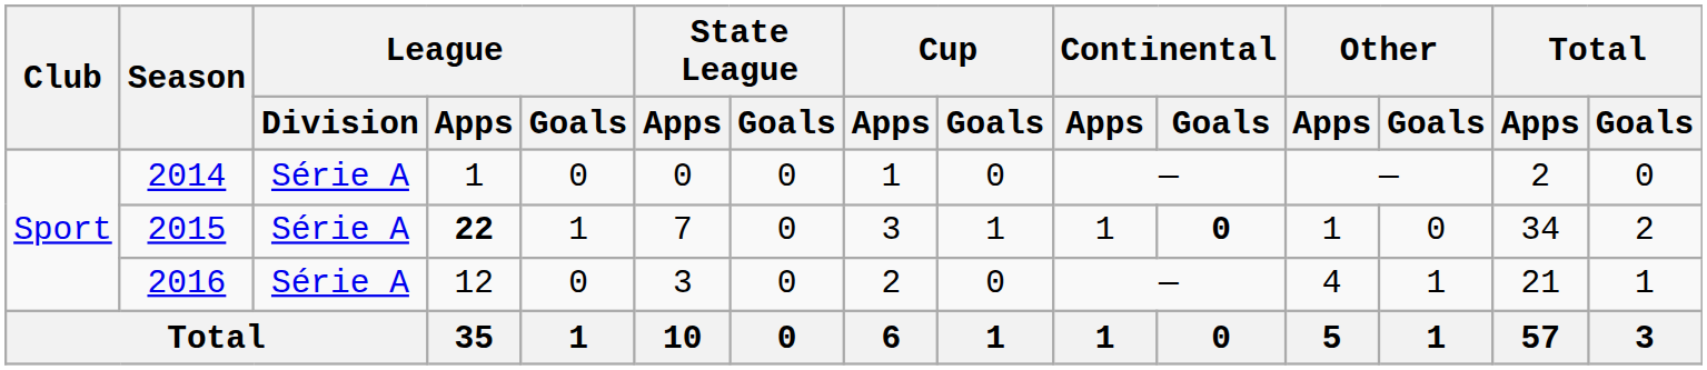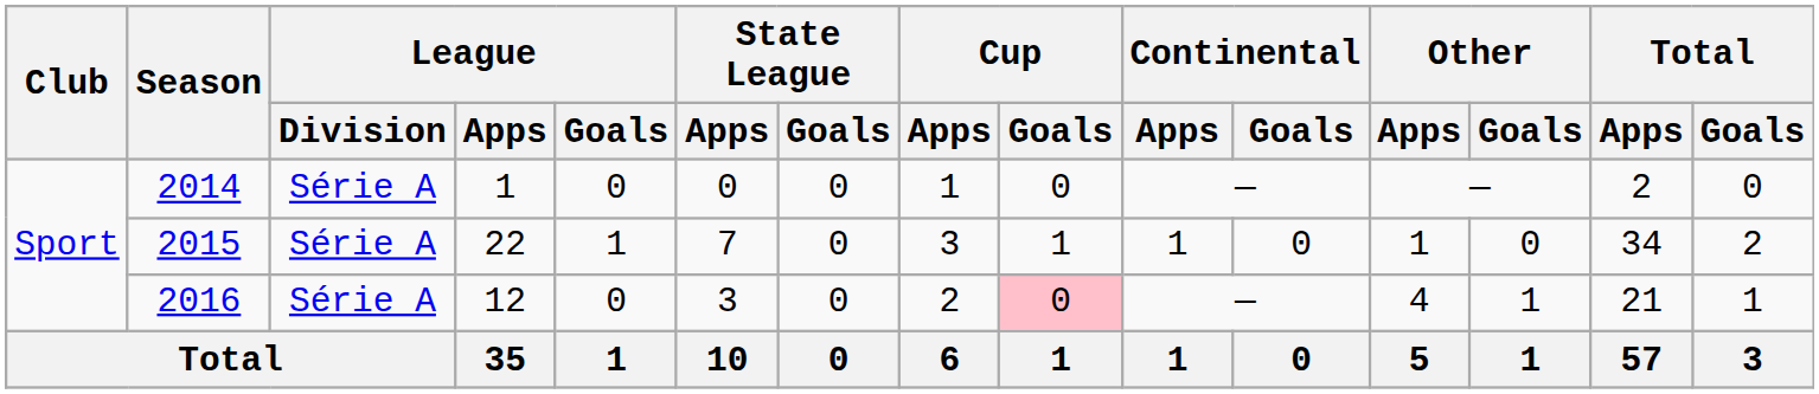 <table class="wikitable" style="text-align: center;">
 <tr>
 <th rowspan="2">Club</th>
 <th rowspan="2">Season</th>
 <th colspan="3">League</th>
 <th colspan="2">State League</th>
 <th colspan="2">Cup</th>
 <th colspan="2">Continental</th>
 <th colspan="2">Other</th>
 <th colspan="2">Total</th>
 </tr>
 <tr>
 <th>Division</th>
 <th>Apps</th>
 <th>Goals</th>
 <th>Apps</th>
 <th>Goals</th>
 <th>Apps</th>
 <th>Goals</th>
 <th>Apps</th>
 <th>Goals</th>
 <th>Apps</th>
 <th>Goals</th>
 <th>Apps</th>
 <th>Goals</th>
 </tr>
 <tr>
 <td rowspan=3 valign="center"><a href='#'>Sport</a></td>
 <td><a href='#'>2014</a></td>
 <td><a href='#'>Série A</a></td>
 <td>1</td>
 <td>0</td>
 <td>0</td>
 <td>0</td>
 <td>1</td>
 <td>0</td>
 <td colspan="2">—</td>
 <td colspan="2">—</td>
 <td>2</td>
 <td>0</td>
 </tr>
 <tr>
 <td><a href='#'>2015</a></td>
 <td><a href='#'>Série A</a></td>
-<td><strong>22</strong></td>
+<td>22</td>
 <td>1</td>
 <td>7</td>
 <td>0</td>
 <td>3</td>
 <td>1</td>
 <td>1</td>
-<td><strong>0</strong></td>
+<td>0</td>
 <td>1</td>
 <td>0</td>
 <td>34</td>
 <td>2</td>
 </tr>
 <tr>
 <td><a href='#'>2016</a></td>
 <td><a href='#'>Série A</a></td>
 <td>12</td>
 <td>0</td>
 <td>3</td>
 <td>0</td>
 <td>2</td>
-<td>0</td>
+<td style="background: pink;">0</td>
 <td colspan="2">—</td>
 <td>4</td>
 <td>1</td>
 <td>21</td>
 <td>1</td>
 </tr>
 <tr>
 <th colspan="3"><strong>Total</strong></th>
 <th>35</th>
 <th>1</th>
 <th>10</th>
 <th>0</th>
 <th>6</th>
 <th>1</th>
 <th>1</th>
 <th>0</th>
 <th>5</th>
 <th>1</th>
 <th>57</th>
 <th>3</th>
 </tr>
 </table>
